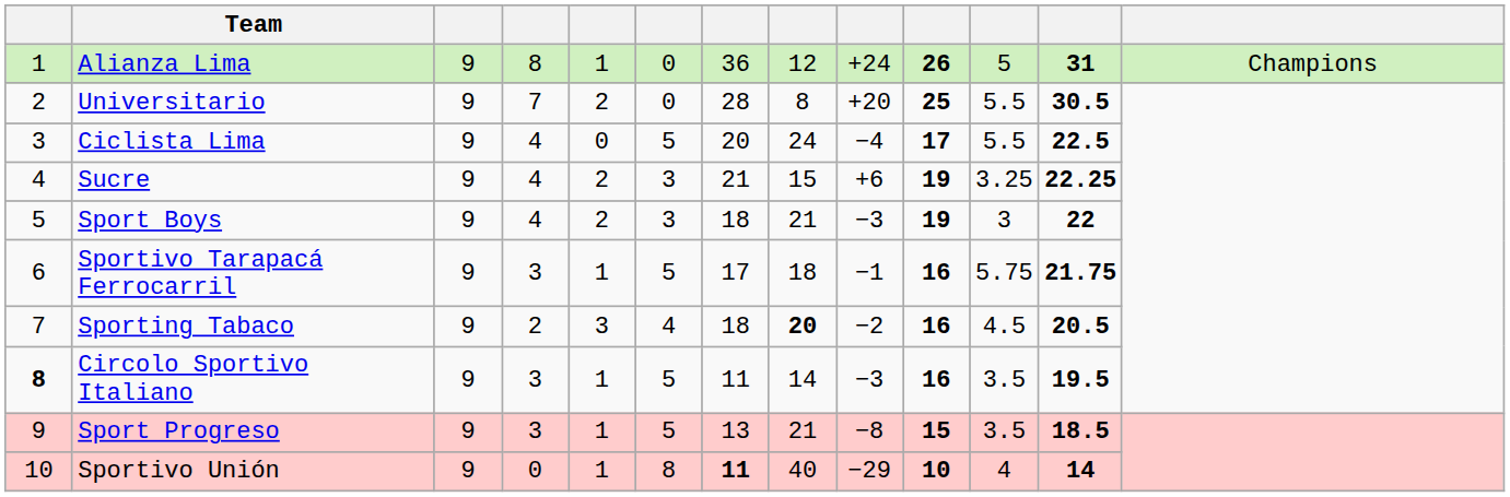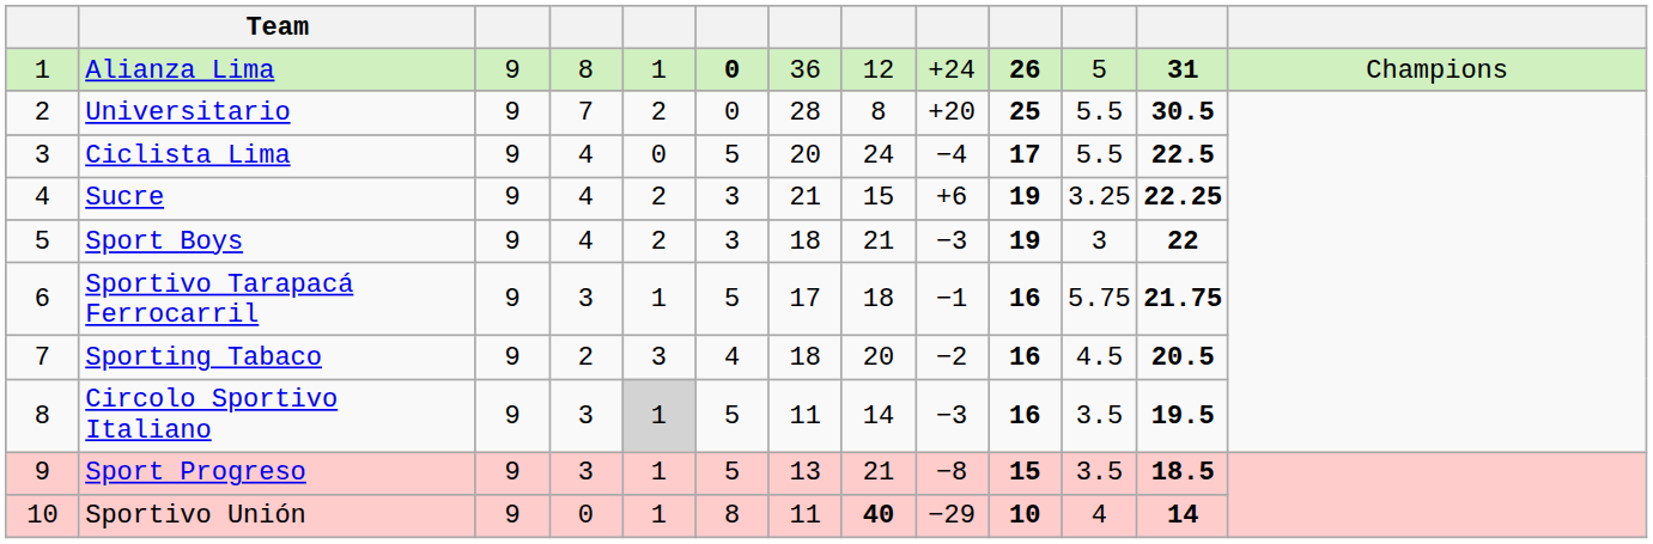 <table class="wikitable" style="text-align:center;">
 <tr>
 <th width="30"></th>
 <th width="190">Team</th>
 <th width="30"></th>
 <th width="30"></th>
 <th width="30"></th>
 <th width="30"></th>
 <th width="30"></th>
 <th width="30"></th>
 <th width="30"></th>
 <th width="30"></th>
 <th width="30"></th>
 <th width="30"></th>
 <th width="200"></th>
 </tr>
 <tr bgcolor=#D0F0C0>
 <td>1</td>
 <td align=left><a href='#'>Alianza Lima</a></td>
 <td>9</td>
 <td>8</td>
 <td>1</td>
-<td>0</td>
+<td><strong>0</strong></td>
 <td>36</td>
 <td>12</td>
 <td>+24</td>
 <td><strong>26</strong></td>
 <td>5</td>
 <td><strong>31</strong></td>
 <td>Champions</td>
 </tr>
 <tr>
 <td>2</td>
 <td align=left><a href='#'>Universitario</a></td>
 <td>9</td>
 <td>7</td>
 <td>2</td>
 <td>0</td>
 <td>28</td>
 <td>8</td>
 <td>+20</td>
 <td><strong>25</strong></td>
 <td>5.5</td>
 <td><strong>30.5</strong></td>
 </tr>
 <tr>
 <td>3</td>
 <td align=left><a href='#'>Ciclista Lima</a></td>
 <td>9</td>
 <td>4</td>
 <td>0</td>
 <td>5</td>
 <td>20</td>
 <td>24</td>
 <td>−4</td>
 <td><strong>17</strong></td>
 <td>5.5</td>
 <td><strong>22.5</strong></td>
 </tr>
 <tr>
 <td>4</td>
 <td align=left><a href='#'>Sucre</a></td>
 <td>9</td>
 <td>4</td>
 <td>2</td>
 <td>3</td>
 <td>21</td>
 <td>15</td>
 <td>+6</td>
 <td><strong>19</strong></td>
 <td>3.25</td>
 <td><strong>22.25</strong></td>
 </tr>
 <tr>
 <td>5</td>
 <td align=left><a href='#'>Sport Boys</a></td>
 <td>9</td>
 <td>4</td>
 <td>2</td>
 <td>3</td>
 <td>18</td>
 <td>21</td>
 <td>−3</td>
 <td><strong>19</strong></td>
 <td>3</td>
 <td><strong>22</strong></td>
 </tr>
 <tr>
 <td>6</td>
 <td align=left><a href='#'>Sportivo Tarapacá Ferrocarril</a></td>
 <td>9</td>
 <td>3</td>
 <td>1</td>
 <td>5</td>
 <td>17</td>
 <td>18</td>
 <td>−1</td>
 <td><strong>16</strong></td>
 <td>5.75</td>
 <td><strong>21.75</strong></td>
 </tr>
 <tr>
 <td>7</td>
 <td align=left><a href='#'>Sporting Tabaco</a></td>
 <td>9</td>
 <td>2</td>
 <td>3</td>
 <td>4</td>
 <td>18</td>
-<td><strong>20</strong></td>
+<td>20</td>
 <td>−2</td>
 <td><strong>16</strong></td>
 <td>4.5</td>
 <td><strong>20.5</strong></td>
 </tr>
 <tr>
-<td><strong>8</strong></td>
+<td>8</td>
 <td align=left><a href='#'>Circolo Sportivo Italiano</a></td>
 <td>9</td>
 <td>3</td>
-<td>1</td>
+<td style="background: lightgrey;">1</td>
 <td>5</td>
 <td>11</td>
 <td>14</td>
 <td>−3</td>
 <td><strong>16</strong></td>
 <td>3.5</td>
 <td><strong>19.5</strong></td>
 </tr>
 <tr bgcolor=#ffcccc>
 <td>9</td>
 <td align=left><a href='#'>Sport Progreso</a></td>
 <td>9</td>
 <td>3</td>
 <td>1</td>
 <td>5</td>
 <td>13</td>
 <td>21</td>
 <td>−8</td>
 <td><strong>15</strong></td>
 <td>3.5</td>
 <td><strong>18.5</strong></td>
 <td rowspan=2></td>
 </tr>
 <tr bgcolor=#ffcccc>
 <td>10</td>
 <td align=left>Sportivo Unión</td>
 <td>9</td>
 <td>0</td>
 <td>1</td>
 <td>8</td>
-<td><strong>11</strong></td>
-<td>40</td>
+<td>11</td>
+<td><strong>40</strong></td>
 <td>−29</td>
 <td><strong>10</strong></td>
 <td>4</td>
 <td><strong>14</strong></td>
 </tr>
 </table>
